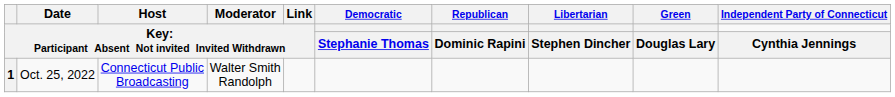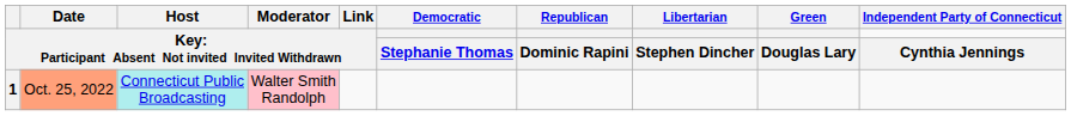 <table class="wikitable" style="text-align:center;">
 <tr>
 <th scope="col"></th>
 <th scope="col">Date</th>
 <th scope="col">Host</th>
 <th scope="col">Moderator</th>
 <th scope="col">Link</th>
 <th scope="col"><small><a href='#'>Democratic</a></small></th>
 <th scope="col"><small><a href='#'>Republican</a></small></th>
 <th scope="col"><small><a href='#'>Libertarian</a></small></th>
 <th scope="col"><small><a href='#'>Green</a></small></th>
 <th scope="col"><small><a href='#'>Independent Party of Connecticut</a></small></th>
 </tr>
 <tr>
 <th colspan="5" rowspan="2">Key:<br> <small>Participant </small>  <small>Absent </small>  <small>Not invited </small>  <small>Invited  Withdrawn</small></th>
 <th scope="col" style="background:"></th>
 <th scope="col" style="background:"></th>
 <th scope="col" style="background:"></th>
 <th scope="col" style="background:"></th>
 </tr>
 <tr>
 <th scope="col"><a href='#'>Stephanie Thomas</a></th>
 <th scope="col">Dominic Rapini</th>
 <th scope="col">Stephen Dincher</th>
 <th scope="col">Douglas Lary</th>
 <th scope="col">Cynthia Jennings</th>
 </tr>
 <tr>
 <th>1</th>
-<td style="white-space:nowrap;">Oct. 25, 2022</td>
-<td style="white-space:nowrap;"><a href='#'>Connecticut Public</a><br><a href='#'>Broadcasting</a></td>
-<td style="white-space:nowrap;">Walter Smith<br>Randolph</td>
+<td style="background: lightsalmon; white-space:nowrap;">Oct. 25, 2022</td>
+<td style="background: paleturquoise; white-space:nowrap;"><a href='#'>Connecticut Public</a><br><a href='#'>Broadcasting</a></td>
+<td style="background: pink; white-space:nowrap;">Walter Smith<br>Randolph</td>
 <td style="white-space:nowrap;"></td>
 <td></td>
 <td></td>
 <td></td>
 <td></td>
 <td></td>
 </tr>
 </table>
